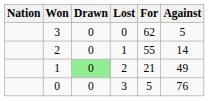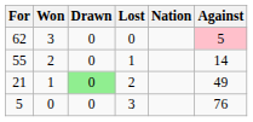 <table class="wikitable" style="text-align: center;">
 <tr>
-<th>Nation</th>
+<th>For</th>
 <th>Won</th>
 <th>Drawn</th>
 <th>Lost</th>
-<th>For</th>
+<th>Nation</th>
 <th>Against</th>
 </tr>
 <tr>
-<td align=left></td>
+<td>62</td>
 <td>3</td>
 <td>0</td>
 <td>0</td>
-<td>62</td>
-<td>5</td>
+<td align=left></td>
+<td style="background: pink;">5</td>
 </tr>
 <tr>
-<td align=left></td>
+<td>55</td>
 <td>2</td>
 <td>0</td>
 <td>1</td>
-<td>55</td>
+<td align=left></td>
 <td>14</td>
 </tr>
 <tr>
-<td align=left></td>
+<td>21</td>
 <td>1</td>
 <td style="background: lightgreen;">0</td>
 <td>2</td>
-<td>21</td>
+<td align=left></td>
 <td>49</td>
 </tr>
 <tr>
-<td align=left></td>
+<td>5</td>
 <td>0</td>
 <td>0</td>
 <td>3</td>
-<td>5</td>
+<td align=left></td>
 <td>76</td>
 </tr>
 </table>
